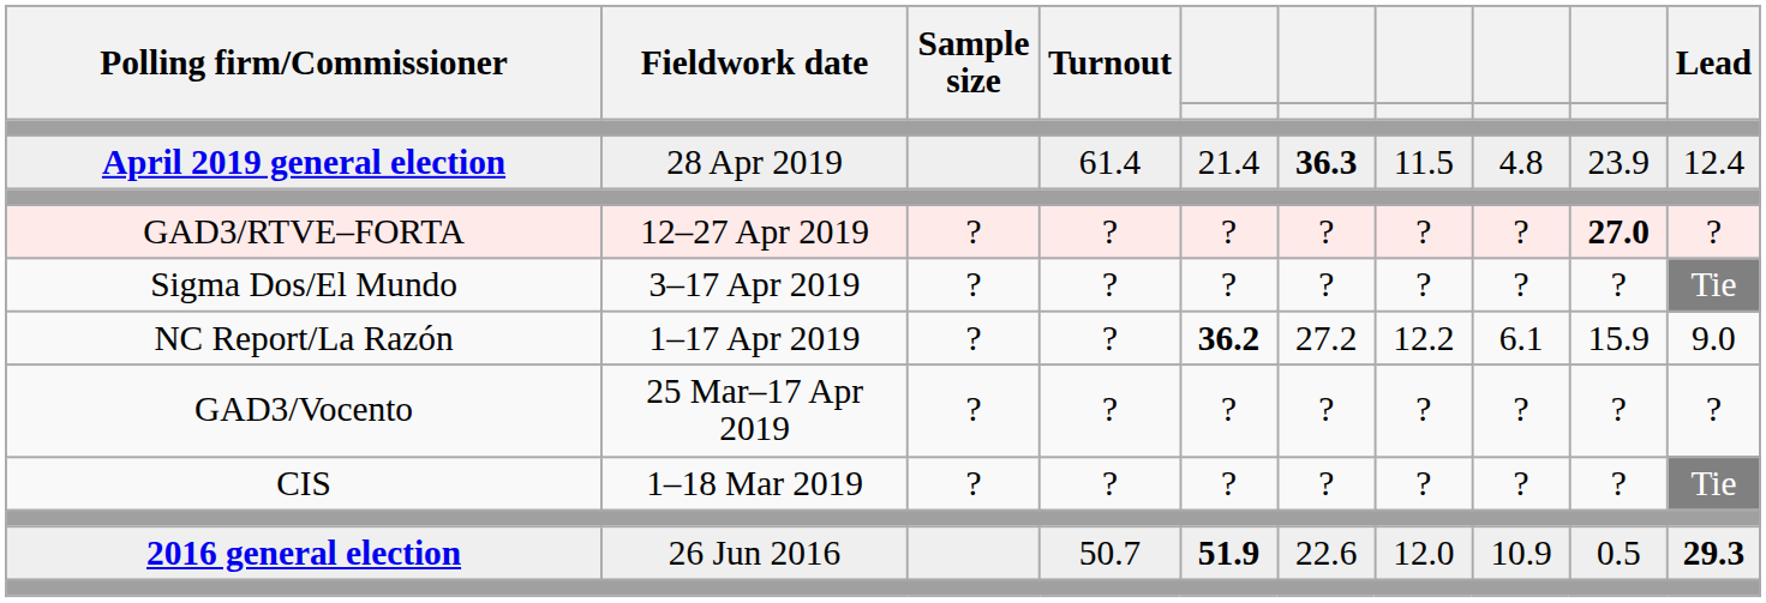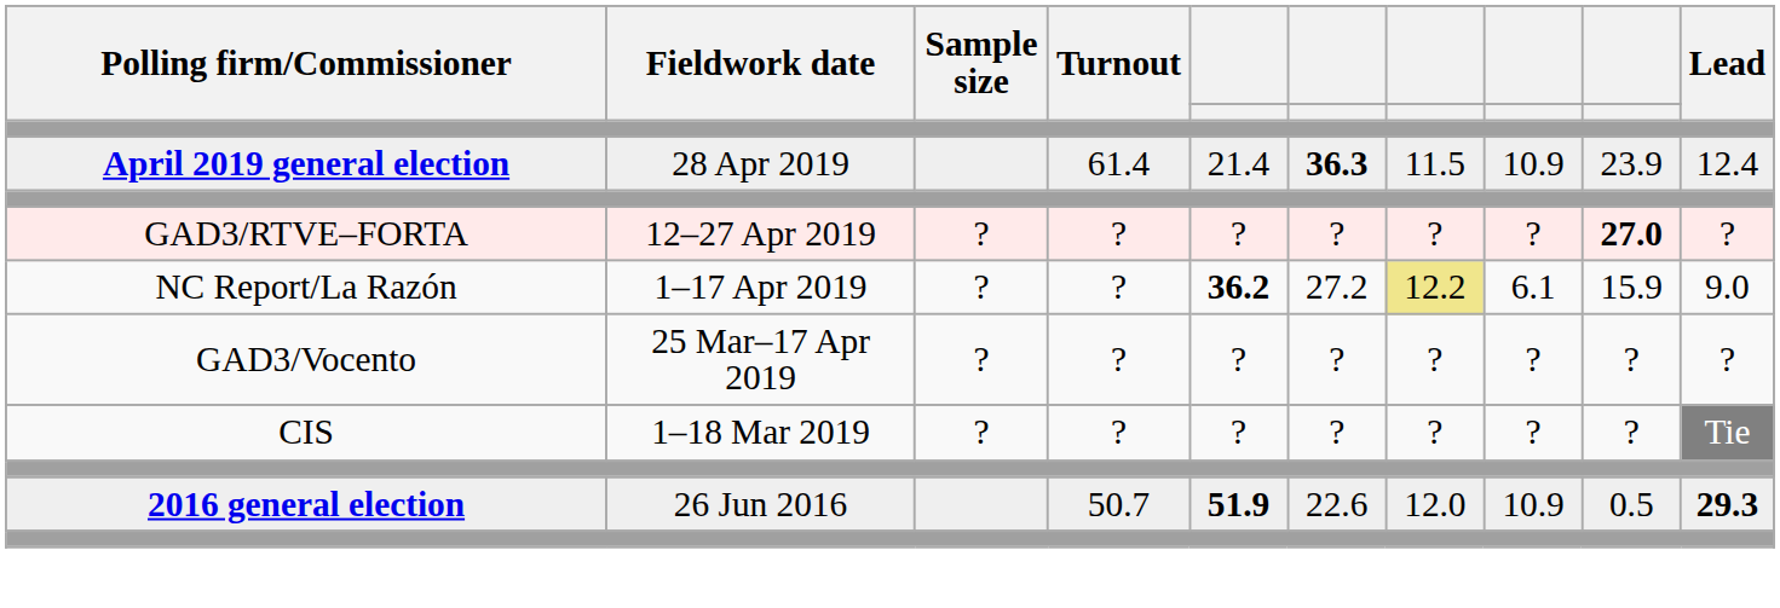 <table class="wikitable collapsible collapsed" style="text-align:center; font-size:95%; line-height:16px;">
 <tr style="height:42px;">
 <th style="width:250px;" rowspan="2">Polling firm/Commissioner</th>
 <th style="width:125px;" rowspan="2">Fieldwork date</th>
 <th style="width:50px;" rowspan="2">Sample size</th>
 <th style="width:45px;" rowspan="2">Turnout</th>
 <th style="width:35px;"></th>
 <th style="width:35px;"></th>
 <th style="width:35px;"></th>
 <th style="width:35px;"></th>
 <th style="width:35px;"></th>
 <th style="width:30px;" rowspan="2">Lead</th>
 </tr>
 <tr>
 <th style="color:inherit;background:"></th>
 <th style="color:inherit;background:"></th>
 <th style="color:inherit;background:"></th>
 <th style="color:inherit;background:"></th>
 <th style="color:inherit;background:"></th>
 </tr>
 <tr>
 <td colspan="10" style="background:#A0A0A0"></td>
 </tr>
 <tr style="background:#EFEFEF;">
 <td><strong><a href='#'>April 2019 general election</a></strong></td>
 <td>28 Apr 2019</td>
 <td></td>
 <td>61.4</td>
 <td>21.4<br></td>
 <td><strong>36.3</strong><br></td>
 <td>11.5<br></td>
-<td>4.8<br></td>
+<td>10.9<br></td>
 <td>23.9<br></td>
 <td style="background:">12.4</td>
 </tr>
 <tr>
 <td colspan="10" style="background:#A0A0A0"></td>
 </tr>
 <tr style="background:#FFEAEA;">
 <td>GAD3/RTVE–FORTA</td>
 <td>12–27 Apr 2019</td>
 <td>?</td>
 <td>?</td>
 <td>?<br></td>
 <td>?<br></td>
 <td>?<br></td>
 <td>?<br></td>
 <td><strong>27.0</strong><br></td>
 <td style="background:">?</td>
 </tr>
 <tr>
-<td>Sigma Dos/El Mundo</td>
-<td>3–17 Apr 2019</td>
-<td>?</td>
-<td>?</td>
-<td>?<br></td>
-<td>?<br></td>
-<td>?<br></td>
-<td>?<br></td>
-<td>?<br></td>
-<td style="background:gray;color:white;">Tie</td>
-</tr>
-<tr>
 <td>NC Report/La Razón</td>
 <td>1–17 Apr 2019</td>
 <td>?</td>
 <td>?</td>
 <td><strong>36.2</strong><br></td>
 <td>27.2<br></td>
-<td>12.2<br></td>
+<td style="background: khaki;">12.2<br></td>
 <td>6.1<br></td>
 <td>15.9<br></td>
 <td style="background:">9.0</td>
 </tr>
 <tr>
 <td>GAD3/Vocento</td>
 <td>25 Mar–17 Apr 2019</td>
 <td>?</td>
 <td>?</td>
 <td>?<br></td>
 <td>?<br></td>
 <td>?<br></td>
 <td>?<br></td>
 <td>?<br></td>
 <td style="background:">?</td>
 </tr>
 <tr>
 <td>CIS</td>
 <td>1–18 Mar 2019</td>
 <td>?</td>
 <td>?</td>
 <td>?<br></td>
 <td>?<br></td>
 <td>?<br></td>
 <td>?<br></td>
 <td>?<br></td>
 <td style="background:gray;color:white;">Tie</td>
 </tr>
 <tr>
 <td colspan="10" style="background:#A0A0A0"></td>
 </tr>
 <tr style="background:#EFEFEF;">
 <td><strong><a href='#'>2016 general election</a></strong></td>
 <td>26 Jun 2016</td>
 <td></td>
 <td>50.7</td>
 <td><strong>51.9</strong><br></td>
 <td>22.6<br></td>
 <td>12.0<br></td>
 <td>10.9<br></td>
 <td>0.5<br></td>
 <td style="background:"><strong>29.3</strong></td>
 </tr>
 <tr>
 <td colspan="10" style="background:#A0A0A0"></td>
 </tr>
 </table>
